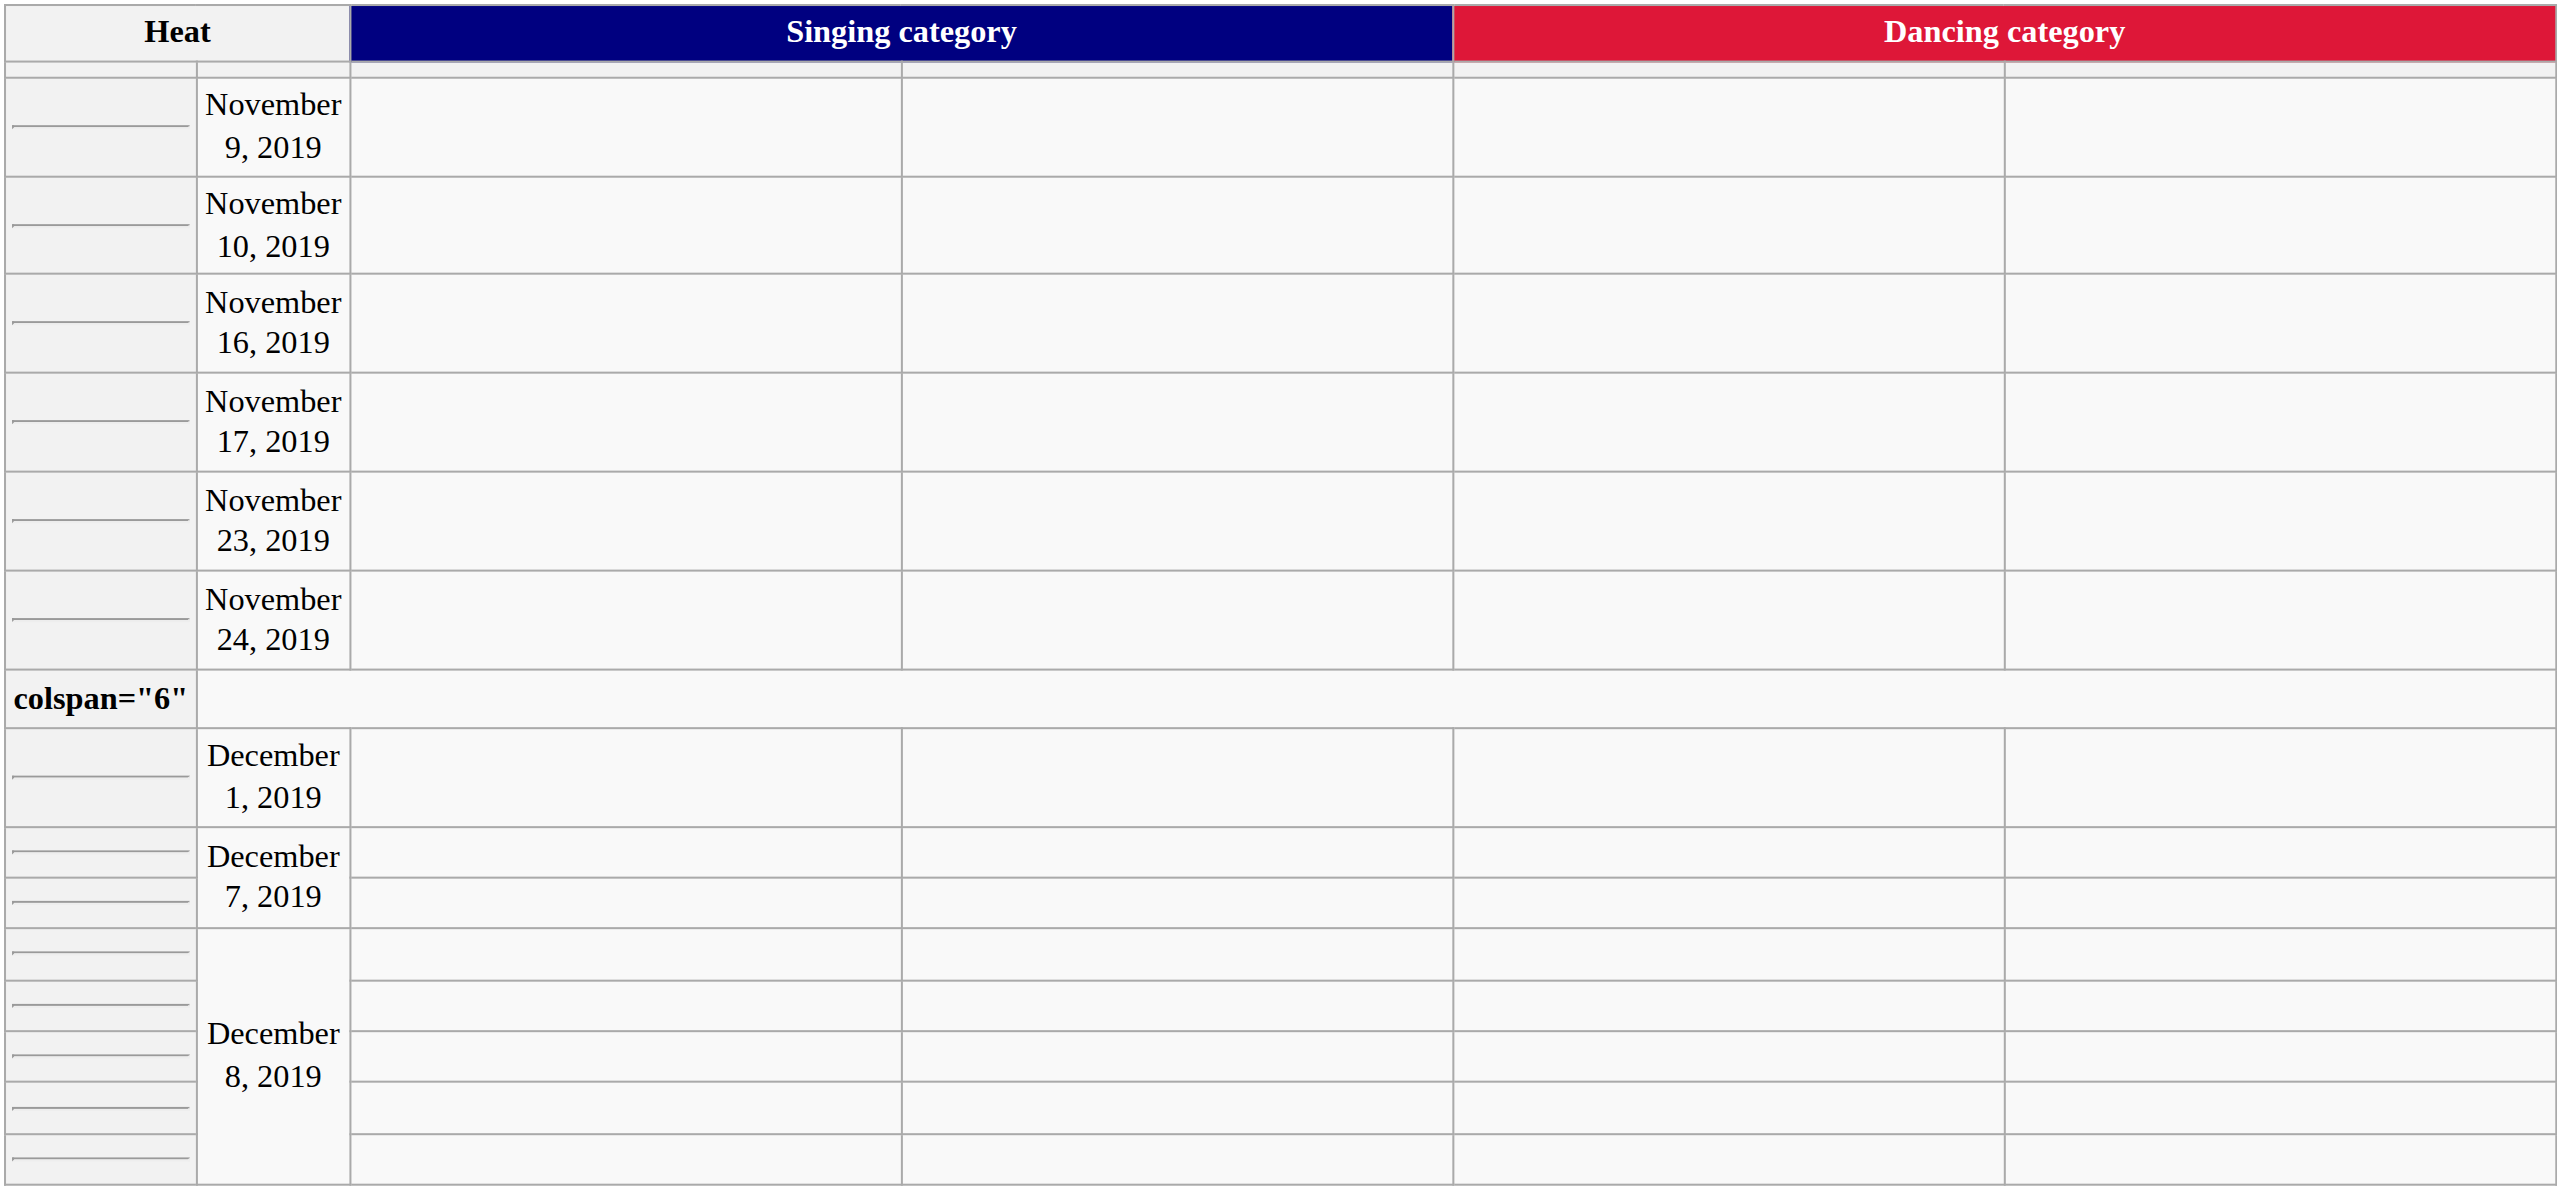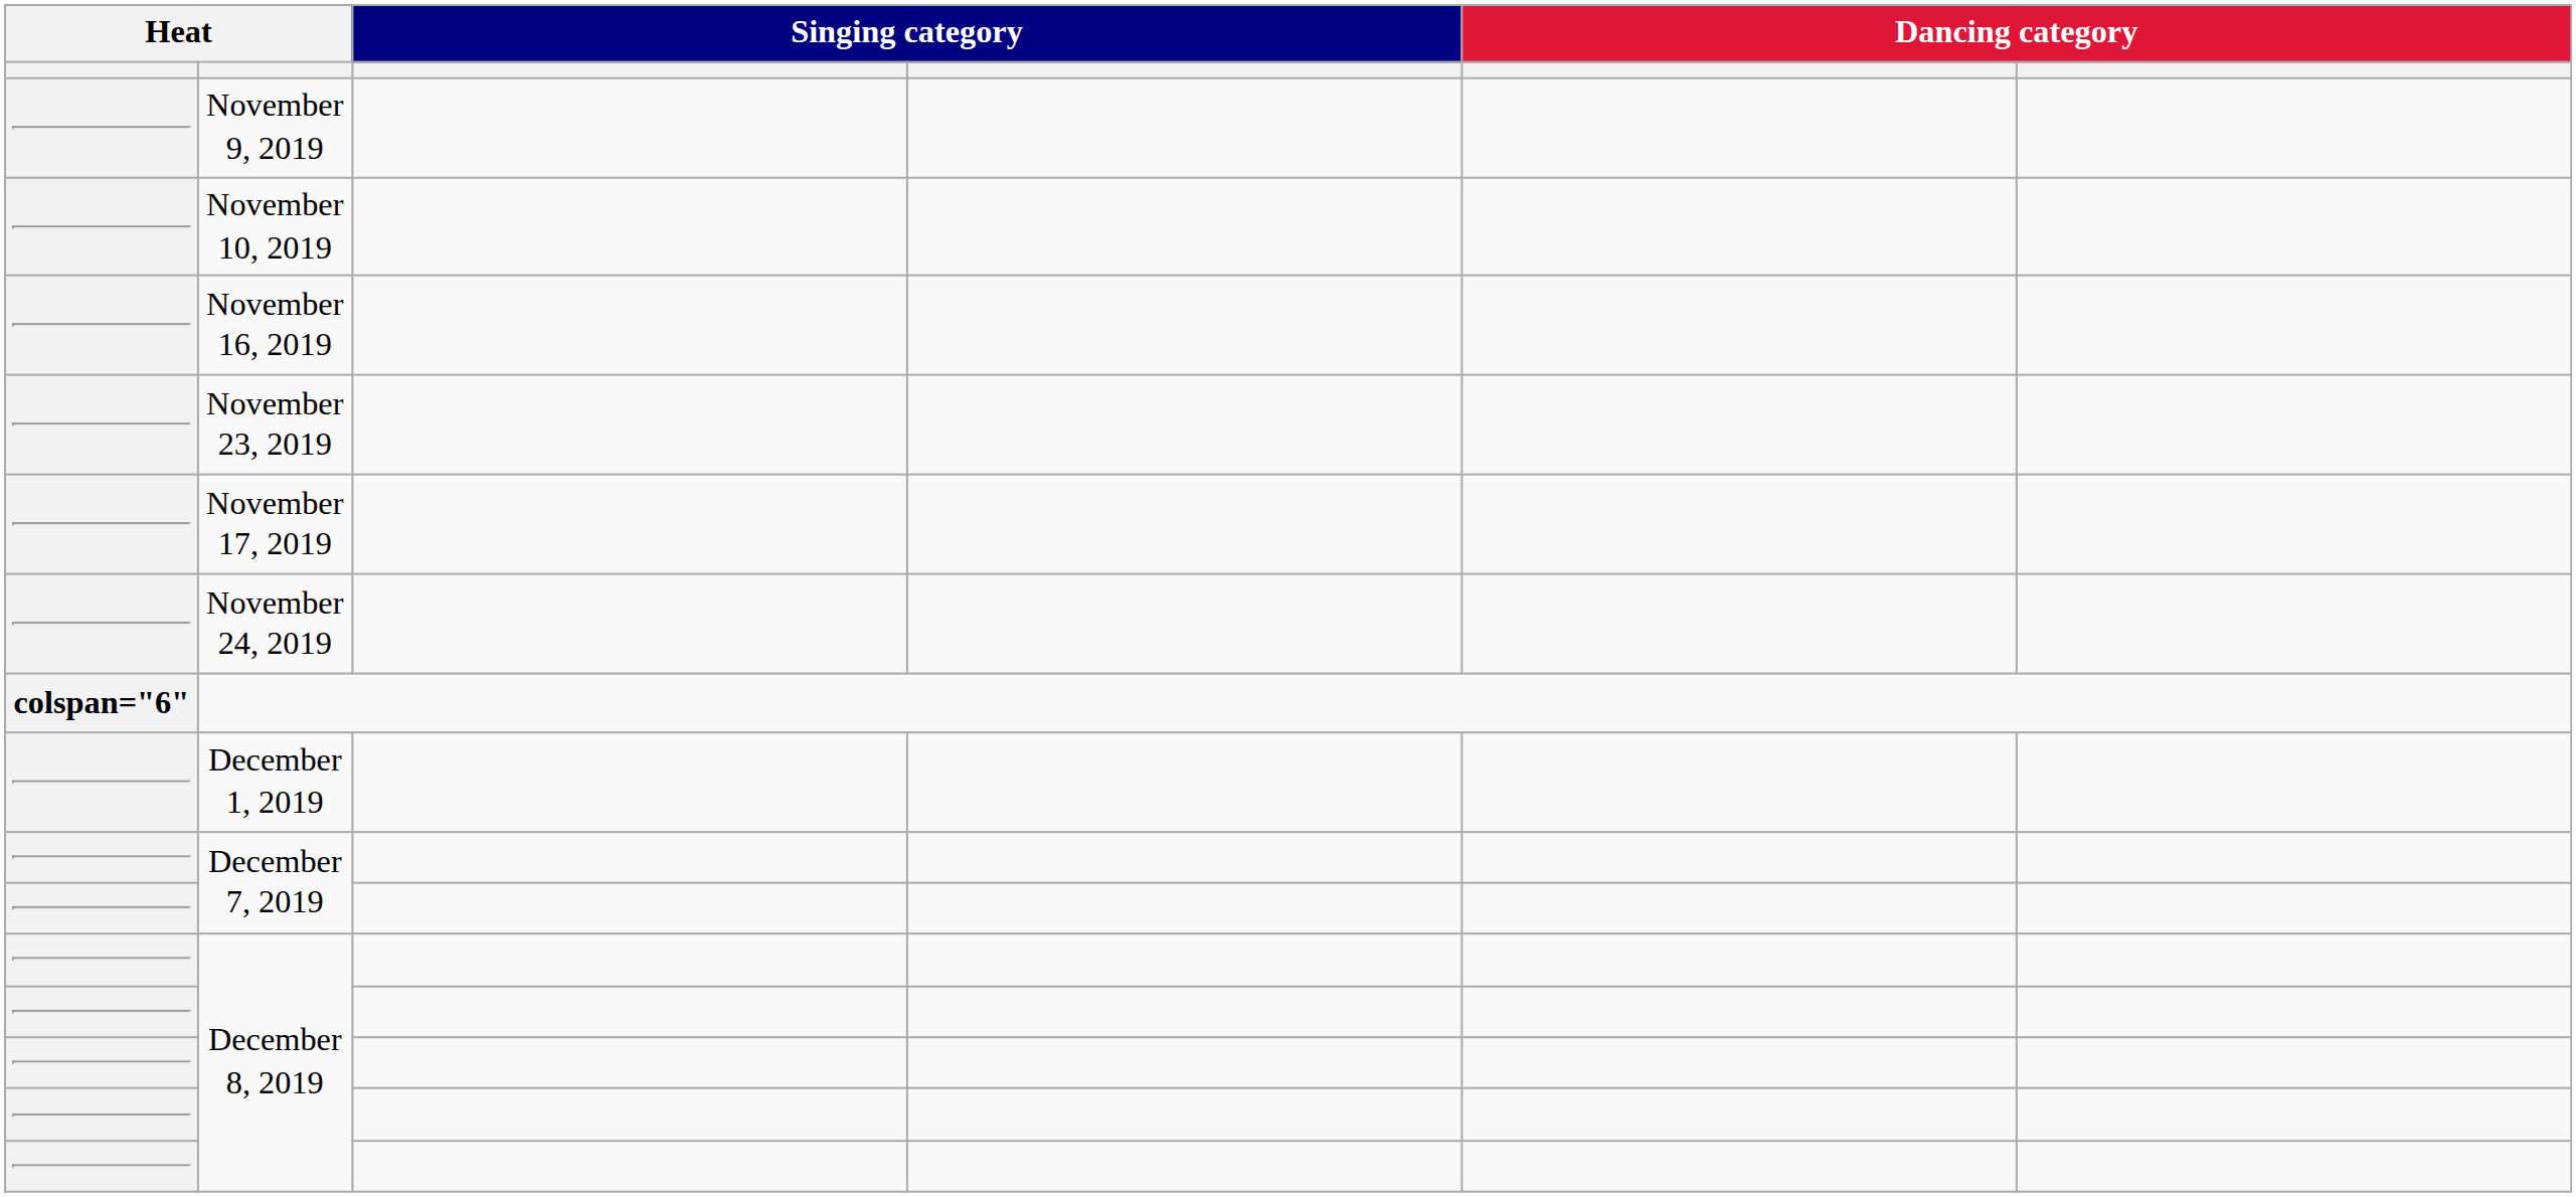 <table class="wikitable" style="text-align:center; line-height:1.3em; width:100%;">
 <tr>
 <th colspan=2 width=02%>Heat</th>
 <th colspan=2 style="background:navy; color:white; width:40%;">Singing category</th>
 <th colspan=2 style="background:#de1738; color:white; width:40%;">Dancing category</th>
 </tr>
 <tr>
 <th width=01%></th>
 <th></th>
 <th width=20%></th>
 <th width=20%></th>
 <th width=20%></th>
 <th width=20%></th>
 </tr>
 <tr>
 <th><hr></th>
 <td>November 9, 2019</td>
 <td></td>
 <td></td>
 <td></td>
 <td></td>
 </tr>
 <tr>
 <th><hr></th>
 <td>November 10, 2019</td>
 <td></td>
 <td></td>
 <td></td>
 <td></td>
 </tr>
 <tr>
 <th><hr></th>
 <td>November 16, 2019</td>
 <td></td>
 <td></td>
 <td></td>
 <td></td>
 </tr>
 <tr>
 <th><hr></th>
-<td>November 17, 2019</td>
+<td>November 23, 2019</td>
 <td></td>
 <td></td>
 <td></td>
 <td></td>
 </tr>
 <tr>
 <th><hr></th>
-<td>November 23, 2019</td>
+<td>November 17, 2019</td>
 <td></td>
 <td></td>
 <td></td>
 <td></td>
 </tr>
 <tr>
 <th><hr></th>
 <td>November 24, 2019</td>
 <td></td>
 <td></td>
 <td></td>
 <td></td>
 </tr>
 <tr>
 <th>colspan="6" </th>
 </tr>
 <tr>
 <th><hr></th>
 <td>December 1, 2019</td>
 <td></td>
 <td></td>
 <td></td>
 <td></td>
 </tr>
 <tr>
 <th><hr></th>
 <td rowspan=2>December 7, 2019</td>
 <td></td>
 <td></td>
 <td></td>
 <td></td>
 </tr>
 <tr>
 <th><hr></th>
 <td></td>
 <td></td>
 <td></td>
 <td></td>
 </tr>
 <tr>
 <th><hr></th>
 <td rowspan=5>December 8, 2019</td>
 <td></td>
 <td></td>
 <td></td>
 <td></td>
 </tr>
 <tr>
 <th><hr></th>
 <td></td>
 <td></td>
 <td></td>
 <td></td>
 </tr>
 <tr>
 <th><hr></th>
 <td></td>
 <td></td>
 <td></td>
 <td></td>
 </tr>
 <tr>
 <th><hr></th>
 <td></td>
 <td></td>
 <td></td>
 <td></td>
 </tr>
 <tr>
 <th><hr></th>
 <td></td>
 <td></td>
 <td></td>
 <td></td>
 </tr>
 </table>
